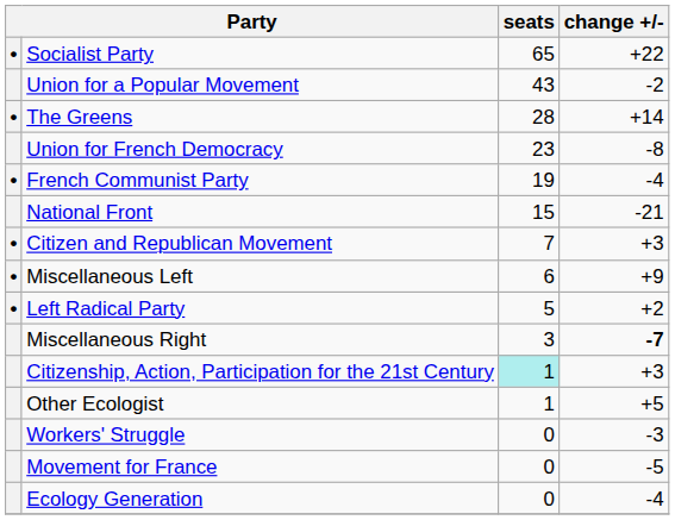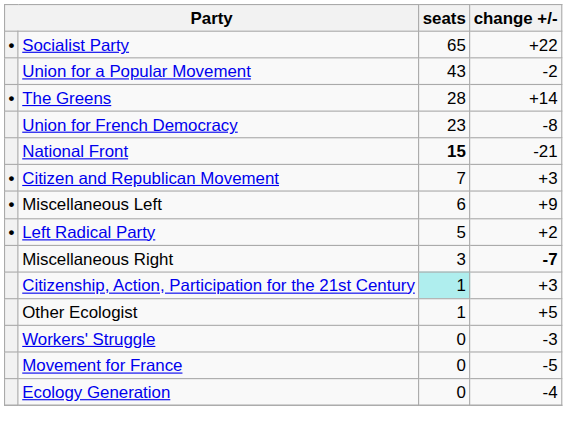 <table class="wikitable" style="font-size: 95%;">
 <tr>
 <th colspan=2>Party</th>
 <th>seats</th>
 <th>change +/-</th>
 </tr>
 <tr>
 <th style="background-color: "><span>•</span></th>
 <td><a href='#'>Socialist Party</a></td>
 <td align="right">65</td>
 <td align="right">+22</td>
 </tr>
 <tr>
 <th style="background-color: "></th>
 <td><a href='#'>Union for a Popular Movement</a></td>
 <td align="right">43</td>
 <td align="right">-2</td>
 </tr>
 <tr>
 <th style="background-color: "><span>•</span></th>
 <td><a href='#'>The Greens</a></td>
 <td align="right">28</td>
 <td align="right">+14</td>
 </tr>
 <tr>
 <th style="background-color: "></th>
 <td><a href='#'>Union for French Democracy</a></td>
 <td align="right">23</td>
 <td align="right">-8</td>
 </tr>
 <tr>
-<th style="background-color: "><span>•</span></th>
-<td><a href='#'>French Communist Party</a></td>
-<td align="right">19</td>
-<td align="right">-4</td>
-</tr>
-<tr>
 <th style="background-color: "></th>
 <td><a href='#'>National Front</a></td>
-<td align="right">15</td>
+<td align="right"><strong>15</strong></td>
 <td align="right">-21</td>
 </tr>
 <tr>
 <th style="background-color: "><span>•</span></th>
 <td><a href='#'>Citizen and Republican Movement</a></td>
 <td align="right">7</td>
 <td align="right">+3</td>
 </tr>
 <tr>
 <th style="background-color: "><span>•</span></th>
 <td>Miscellaneous Left</td>
 <td align="right">6</td>
 <td align="right">+9</td>
 </tr>
 <tr>
 <th style="background-color: "><span>•</span></th>
 <td><a href='#'>Left Radical Party</a></td>
 <td align="right">5</td>
 <td align="right">+2</td>
 </tr>
 <tr>
 <th style="background-color: "></th>
 <td>Miscellaneous Right</td>
 <td align="right">3</td>
 <td align="right"><strong>-7</strong></td>
 </tr>
 <tr>
 <th style="background-color: "></th>
 <td><a href='#'>Citizenship, Action, Participation for the 21st Century</a></td>
 <td align="right" style="background: paleturquoise;">1</td>
 <td align="right">+3</td>
 </tr>
 <tr>
 <th style="background-color: "></th>
 <td>Other Ecologist</td>
 <td align="right">1</td>
 <td align="right">+5</td>
 </tr>
 <tr>
 <th style="background-color: "></th>
 <td><a href='#'>Workers' Struggle</a></td>
 <td align="right">0</td>
 <td align="right">-3</td>
 </tr>
 <tr>
 <th style="background-color: "></th>
 <td><a href='#'>Movement for France</a></td>
 <td align="right">0</td>
 <td align="right">-5</td>
 </tr>
 <tr>
 <th style="background-color: "></th>
 <td><a href='#'>Ecology Generation</a></td>
 <td align="right">0</td>
 <td align="right">-4</td>
 </tr>
 <tr>
 </tr>
 </table>
